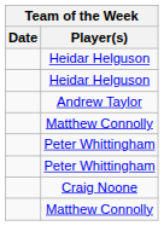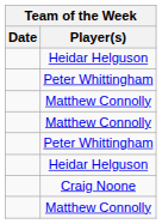 <table class="wikitable" style="text-align: center">
 <tr>
 <th style="text-align:center;" colspan="2">Team of the Week</th>
 </tr>
 <tr>
 <th>Date</th>
 <th>Player(s)</th>
 </tr>
 <tr>
 <td></td>
 <td><a href='#'>Heidar Helguson</a></td>
 </tr>
 <tr>
 <td></td>
-<td><a href='#'>Heidar Helguson</a></td>
+<td><a href='#'>Peter Whittingham</a></td>
 </tr>
 <tr>
 <td></td>
-<td><a href='#'>Andrew Taylor</a></td>
+<td><a href='#'>Matthew Connolly</a></td>
 </tr>
 <tr>
 <td></td>
 <td><a href='#'>Matthew Connolly</a></td>
 </tr>
 <tr>
 <td></td>
 <td><a href='#'>Peter Whittingham</a></td>
 </tr>
 <tr>
 <td></td>
-<td><a href='#'>Peter Whittingham</a></td>
+<td><a href='#'>Heidar Helguson</a></td>
 </tr>
 <tr>
 <td></td>
 <td><a href='#'>Craig Noone</a></td>
 </tr>
 <tr>
 <td></td>
 <td><a href='#'>Matthew Connolly</a></td>
 </tr>
 </table>
